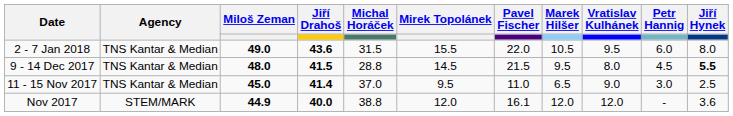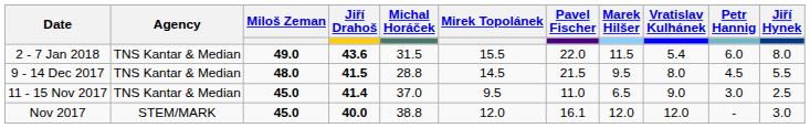 <table class="wikitable" style=text-align:center;font-size:85%;line-height:14px;">
 <tr>
 <th rowspan="2">Date</th>
 <th rowspan="2">Agency</th>
 <th><a href='#'>Miloš Zeman</a></th>
 <th><a href='#'>Jiří Drahoš</a></th>
 <th><a href='#'>Michal Horáček</a></th>
 <th><a href='#'>Mirek Topolánek</a></th>
 <th><a href='#'>Pavel Fischer</a></th>
 <th><a href='#'>Marek Hilšer</a></th>
 <th><a href='#'>Vratislav Kulhánek</a></th>
 <th><a href='#'>Petr Hannig</a></th>
 <th><a href='#'>Jiří Hynek</a></th>
 </tr>
 <tr>
 <th style="background:"></th>
 <th style="background:#FFCB03; width:40px;"></th>
 <th style="background:#49796B; width:40px;"></th>
 <th style="background:"></th>
 <th style="background:#4b0082; width:40px;"></th>
 <th style="background:#87CEFA; width:40px;"></th>
 <th style="background:#0000FF; width:40px;"></th>
 <th style="background:#6FB7C5; width:40px;"></th>
 <th style="background:#013888; width:40px;"></th>
 </tr>
 <tr>
 <td>2 - 7 Jan 2018</td>
 <td>TNS Kantar & Median</td>
 <td><strong>49.0</strong></td>
 <td><strong>43.6</strong></td>
 <td>31.5</td>
 <td>15.5</td>
 <td>22.0</td>
-<td>10.5</td>
-<td>9.5</td>
+<td>11.5</td>
+<td>5.4</td>
 <td>6.0</td>
 <td>8.0</td>
 </tr>
 <tr>
 <td>9 - 14 Dec 2017</td>
 <td>TNS Kantar & Median</td>
 <td><strong>48.0</strong></td>
 <td><strong>41.5</strong></td>
 <td>28.8</td>
 <td>14.5</td>
 <td>21.5</td>
 <td>9.5</td>
 <td>8.0</td>
 <td>4.5</td>
-<td><strong>5.5</strong></td>
+<td>5.5</td>
 </tr>
 <tr>
 <td>11 - 15 Nov 2017</td>
 <td>TNS Kantar & Median </td>
 <td><strong>45.0</strong></td>
 <td><strong>41.4</strong></td>
 <td>37.0</td>
 <td>9.5</td>
 <td>11.0</td>
 <td>6.5</td>
 <td>9.0</td>
 <td>3.0</td>
 <td>2.5</td>
 </tr>
 <tr>
 <td>Nov 2017</td>
 <td>STEM/MARK</td>
-<td><strong>44.9</strong></td>
+<td><strong>45.0</strong></td>
 <td><strong>40.0</strong></td>
 <td>38.8</td>
 <td>12.0</td>
 <td>16.1</td>
 <td>12.0</td>
 <td>12.0</td>
 <td>-</td>
-<td>3.6</td>
+<td>3.0</td>
 </tr>
 </table>
